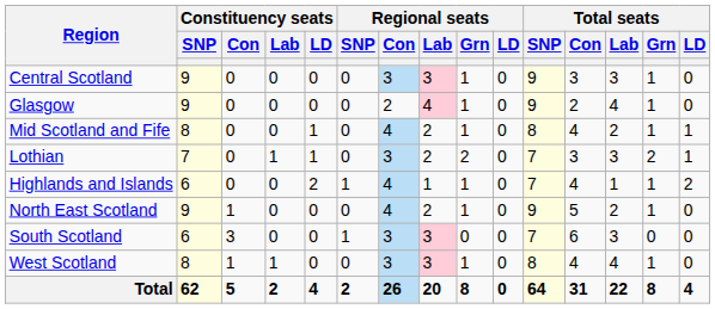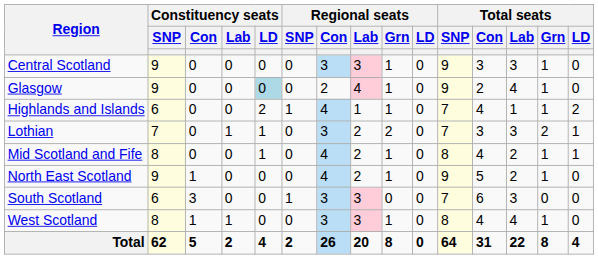 <table class="wikitable sortable">
 <tr>
 <th rowspan="3" scope="col"><a href='#'>Region</a></th>
 <th colspan="4">Constituency seats</th>
 <th colspan="5">Regional seats</th>
 <th colspan="5">Total seats</th>
 </tr>
 <tr>
 <th scope="col"><a href='#'>SNP</a></th>
 <th scope="col"><a href='#'>Con</a></th>
 <th scope="col"><a href='#'>Lab</a></th>
 <th scope="col"><a href='#'>LD</a></th>
 <th scope="col"><a href='#'>SNP</a></th>
 <th scope="col"><a href='#'>Con</a></th>
 <th scope="col"><a href='#'>Lab</a></th>
 <th scope="col"><a href='#'>Grn</a></th>
 <th scope="col"><a href='#'>LD</a></th>
 <th scope="col"><a href='#'>SNP</a></th>
 <th scope="col"><a href='#'>Con</a></th>
 <th scope="col"><a href='#'>Lab</a></th>
 <th scope="col"><a href='#'>Grn</a></th>
 <th scope="col"><a href='#'>LD</a></th>
 </tr>
 <tr class="sorttop">
 <th scope="col" style="background:"></th>
 <th scope="col" style="background:"></th>
 <th scope="col" style="background:"></th>
 <th scope="col" style="background:"></th>
 <th scope="col" style="background:"></th>
 <th scope="col" style="background:"></th>
 <th scope="col" style="background:"></th>
 <th scope="col" style="background:"></th>
 <th scope="col" style="background:"></th>
 <th scope="col" style="background:"></th>
 <th scope="col" style="background:"></th>
 <th scope="col" style="background:"></th>
 <th scope="col" style="background:"></th>
 <th scope="col" style="background:"></th>
 </tr>
 <tr>
 <td><a href='#'>Central Scotland</a></td>
 <td style="background:#FEFDDE;">9</td>
 <td>0</td>
 <td>0</td>
 <td>0</td>
 <td>0</td>
 <td style="background:#BADEF5;">3</td>
 <td style="background:#FFCCD9;">3</td>
 <td>1</td>
 <td>0</td>
 <td style="background:#FEFDDE;">9</td>
 <td>3</td>
 <td>3</td>
 <td>1</td>
 <td>0</td>
 </tr>
 <tr>
 <td><a href='#'>Glasgow</a></td>
 <td style="background:#FEFDDE;">9</td>
 <td>0</td>
 <td>0</td>
-<td>0</td>
+<td style="background: lightblue;">0</td>
 <td>0</td>
 <td>2</td>
 <td style="background:#FFCCD9;">4</td>
 <td>1</td>
 <td>0</td>
 <td style="background:#FEFDDE;">9</td>
 <td>2</td>
 <td>4</td>
 <td>1</td>
 <td>0</td>
 </tr>
 <tr>
-<td><a href='#'>Mid Scotland and Fife</a></td>
-<td style="background:#FEFDDE;">8</td>
+<td><a href='#'>Highlands and Islands</a></td>
+<td style="background:#FEFDDE;">6</td>
 <td>0</td>
 <td>0</td>
+<td>2</td>
+<td>1</td>
+<td style="background:#BADEF5;">4</td>
+<td>1</td>
 <td>1</td>
 <td>0</td>
-<td style="background:#BADEF5;">4</td>
-<td>2</td>
-<td>1</td>
-<td>0</td>
-<td style="background:#FEFDDE;">8</td>
+<td style="background:#FEFDDE;">7</td>
 <td>4</td>
-<td>2</td>
 <td>1</td>
 <td>1</td>
+<td>2</td>
 </tr>
 <tr>
 <td><a href='#'>Lothian</a></td>
 <td style="background:#FEFDDE;">7</td>
 <td>0</td>
 <td>1</td>
 <td>1</td>
 <td>0</td>
 <td style="background:#BADEF5;">3</td>
 <td>2</td>
 <td>2</td>
 <td>0</td>
 <td style="background:#FEFDDE;">7</td>
 <td>3</td>
 <td>3</td>
 <td>2</td>
 <td>1</td>
 </tr>
 <tr>
-<td><a href='#'>Highlands and Islands</a></td>
-<td style="background:#FEFDDE;">6</td>
+<td><a href='#'>Mid Scotland and Fife</a></td>
+<td style="background:#FEFDDE;">8</td>
 <td>0</td>
 <td>0</td>
+<td>1</td>
+<td>0</td>
+<td style="background:#BADEF5;">4</td>
 <td>2</td>
 <td>1</td>
-<td style="background:#BADEF5;">4</td>
+<td>0</td>
+<td style="background:#FEFDDE;">8</td>
+<td>4</td>
+<td>2</td>
 <td>1</td>
 <td>1</td>
-<td>0</td>
-<td style="background:#FEFDDE;">7</td>
-<td>4</td>
-<td>1</td>
-<td>1</td>
-<td>2</td>
 </tr>
 <tr>
 <td><a href='#'>North East Scotland</a></td>
 <td style="background:#FEFDDE;">9</td>
 <td>1</td>
 <td>0</td>
 <td>0</td>
 <td>0</td>
 <td style="background:#BADEF5;">4</td>
 <td>2</td>
 <td>1</td>
 <td>0</td>
 <td style="background:#FEFDDE;">9</td>
 <td>5</td>
 <td>2</td>
 <td>1</td>
 <td>0</td>
 </tr>
 <tr>
 <td><a href='#'>South Scotland</a></td>
 <td style="background:#FEFDDE;">6</td>
 <td>3</td>
 <td>0</td>
 <td>0</td>
 <td>1</td>
 <td style="background:#BADEF5;">3</td>
 <td style="background:#FFCCD9;">3</td>
 <td>0</td>
 <td>0</td>
 <td style="background:#FEFDDE;">7</td>
 <td>6</td>
 <td>3</td>
 <td>0</td>
 <td>0</td>
 </tr>
 <tr>
 <td><a href='#'>West Scotland</a></td>
 <td style="background:#FEFDDE;">8</td>
 <td>1</td>
 <td>1</td>
 <td>0</td>
 <td>0</td>
 <td style="background:#BADEF5;">3</td>
 <td style="background:#FFCCD9;">3</td>
 <td>1</td>
 <td>0</td>
 <td style="background:#FEFDDE;">8</td>
 <td>4</td>
 <td>4</td>
 <td>1</td>
 <td>0</td>
 </tr>
 <tr class="sortbottom" style="font-weight:bold">
 <th style="text-align:right;">Total</th>
 <td style="background:#FEFDDE;">62</td>
 <td>5</td>
 <td>2</td>
 <td>4</td>
 <td>2</td>
 <td style="background:#BADEF5;">26</td>
 <td>20</td>
 <td>8</td>
 <td>0</td>
 <td style="background:#FEFDDE;">64</td>
 <td>31</td>
 <td>22</td>
 <td>8</td>
 <td>4</td>
 </tr>
 </table>
